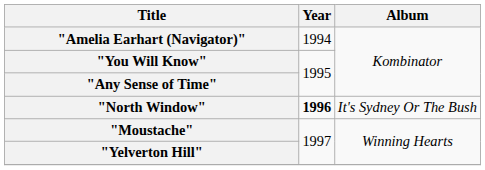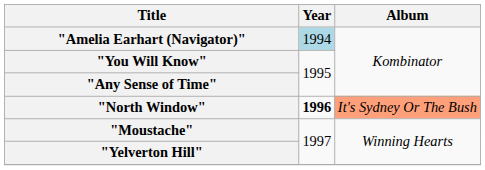 <table class="wikitable plainrowheaders" style="text-align:center;">
 <tr>
 <th scope="col" style="width:20em;">Title</th>
 <th scope="col" style="width:1em;">Year</th>
 <th scope="col">Album</th>
 </tr>
 <tr>
 <th scope="row">"Amelia Earhart (Navigator)"</th>
-<td>1994</td>
+<td style="background: lightblue;">1994</td>
 <td rowspan="3"><em>Kombinator</em></td>
 </tr>
 <tr>
 <th scope="row">"You Will Know"</th>
 <td rowspan="2">1995</td>
 </tr>
 <tr>
 <th scope="row">"Any Sense of Time"</th>
 </tr>
 <tr>
 <th scope="row">"North Window"</th>
 <td><strong>1996</strong></td>
-<td><em>It's Sydney Or The Bush</em></td>
+<td style="background: lightsalmon;"><em>It's Sydney Or The Bush</em></td>
 </tr>
 <tr>
 <th scope="row">"Moustache"</th>
 <td rowspan="2">1997</td>
 <td rowspan="2"><em>Winning Hearts</em></td>
 </tr>
 <tr>
 <th scope="row">"Yelverton Hill"</th>
 </tr>
 <tr>
 </tr>
 </table>
